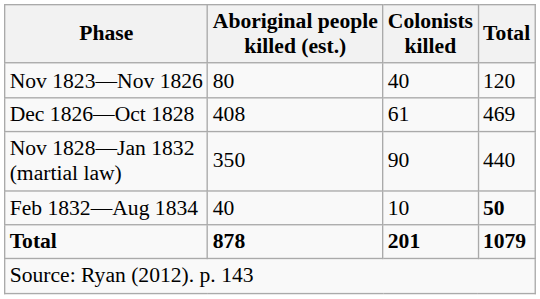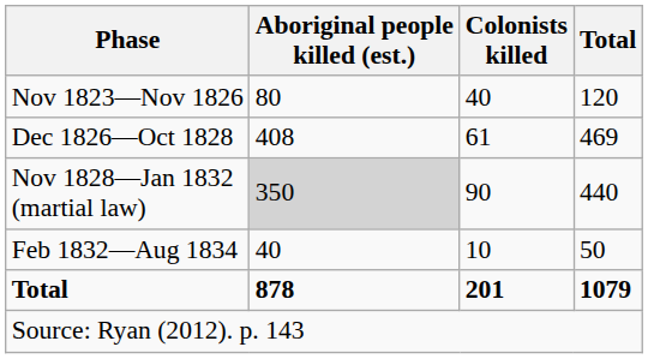 <table class="wikitable floatright">
 <tr>
 <th>Phase</th>
 <th>Aboriginal people<br>killed (est.)</th>
 <th>Colonists<br>killed</th>
 <th>Total</th>
 </tr>
 <tr>
 <td>Nov 1823—Nov 1826</td>
 <td>80</td>
 <td>40</td>
 <td>120</td>
 </tr>
 <tr>
 <td>Dec 1826—Oct 1828</td>
 <td>408</td>
 <td>61</td>
 <td>469</td>
 </tr>
 <tr>
 <td>Nov 1828—Jan 1832<br>(martial law)</td>
-<td>350</td>
+<td style="background: lightgrey;">350</td>
 <td>90</td>
 <td>440</td>
 </tr>
 <tr>
 <td>Feb 1832—Aug 1834</td>
 <td>40</td>
 <td>10</td>
-<td><strong>50</strong></td>
+<td>50</td>
 </tr>
 <tr>
 <td><strong>Total</strong></td>
 <td><strong>878</strong></td>
 <td><strong>201</strong></td>
 <td><strong>1079</strong></td>
 </tr>
 <tr>
 <td colspan="4">Source: Ryan (2012). p. 143</td>
 </tr>
 </table>
